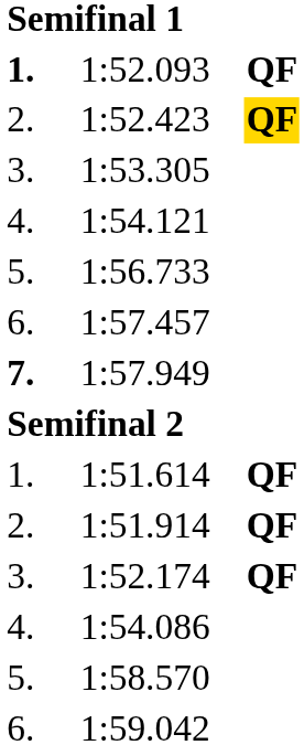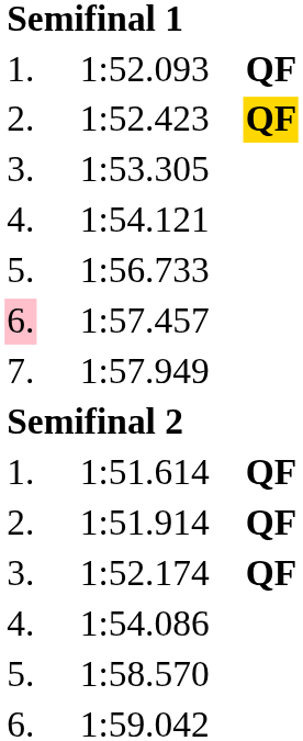 <table style="text-align:center">
 <tr>
 <td colspan=4 align=left><strong>Semifinal 1</strong></td>
 </tr>
 <tr>
-<td width-30><strong>1.</strong></td>
+<td width-30>1.</td>
 <td align=left></td>
 <td width=80>1:52.093</td>
 <td><strong>QF</strong></td>
 </tr>
 <tr>
 <td>2.</td>
 <td align=left></td>
 <td>1:52.423</td>
 <td style="background: gold;"><strong>QF</strong></td>
 </tr>
 <tr>
 <td>3.</td>
 <td align=left></td>
 <td>1:53.305</td>
 <td></td>
 </tr>
 <tr>
 <td>4.</td>
 <td align=left></td>
 <td>1:54.121</td>
 <td></td>
 </tr>
 <tr>
 <td>5.</td>
 <td align=left></td>
 <td>1:56.733</td>
 <td></td>
 </tr>
 <tr>
-<td>6.</td>
+<td style="background: pink;">6.</td>
 <td align=left></td>
 <td>1:57.457</td>
 <td></td>
 </tr>
 <tr>
-<td><strong>7.</strong></td>
+<td>7.</td>
 <td align=left></td>
 <td>1:57.949</td>
 <td></td>
 </tr>
 <tr>
 <td colspan=4 align=left><strong>Semifinal 2</strong></td>
 </tr>
 <tr>
 <td width-30>1.</td>
 <td align=left></td>
 <td width=80>1:51.614</td>
 <td><strong>QF</strong></td>
 </tr>
 <tr>
 <td>2.</td>
 <td align=left></td>
 <td>1:51.914</td>
 <td><strong>QF</strong></td>
 </tr>
 <tr>
 <td>3.</td>
 <td align=left></td>
 <td>1:52.174</td>
 <td><strong>QF</strong></td>
 </tr>
 <tr>
 <td>4.</td>
 <td align=left></td>
 <td>1:54.086</td>
 <td></td>
 </tr>
 <tr>
 <td>5.</td>
 <td align=left></td>
 <td>1:58.570</td>
 <td></td>
 </tr>
 <tr>
 <td>6.</td>
 <td align=left></td>
 <td>1:59.042</td>
 <td></td>
 </tr>
 </table>
